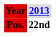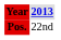 <table class="toccolours" border="0" cellpadding="2" cellspacing="0" align="left" style="margin:0.5em;">
 <tr>
 <th align=center style="background-color: #E00000;"><span>Year</span></th>
 <th align=center style="background-color: #ddd;"><a href='#'>2013</a></th>
 </tr>
 <tr>
 <th align=center style="background-color: #E00000;"><span>Pos.</span></th>
-<td align="center"><strong>22nd</strong></td>
+<td align="center">22nd</td>
 </tr>
 </table>
